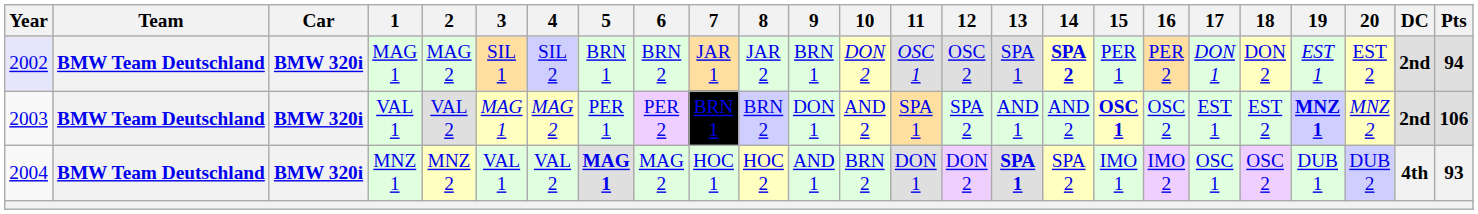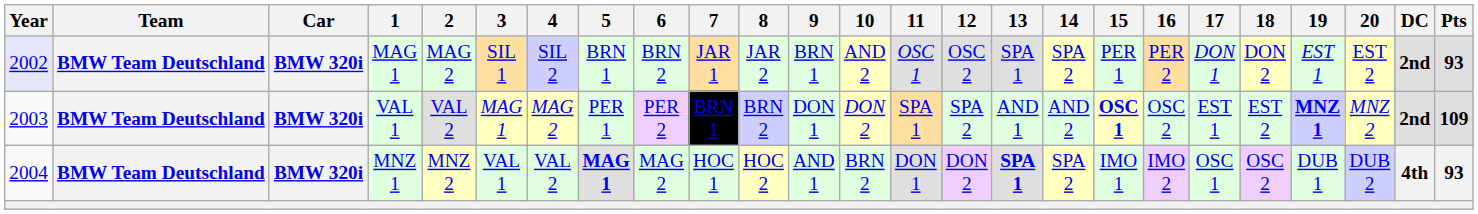 <table class="wikitable" style="text-align:center; font-size:85%">
 <tr>
 <th>Year</th>
 <th>Team</th>
 <th>Car</th>
 <th>1</th>
 <th>2</th>
 <th>3</th>
 <th>4</th>
 <th>5</th>
 <th>6</th>
 <th>7</th>
 <th>8</th>
 <th>9</th>
 <th>10</th>
 <th>11</th>
 <th>12</th>
 <th>13</th>
 <th>14</th>
 <th>15</th>
 <th>16</th>
 <th>17</th>
 <th>18</th>
 <th>19</th>
 <th>20</th>
 <th>DC</th>
 <th>Pts</th>
 </tr>
 <tr>
 <td style="background: lavender;"><a href='#'>2002</a></td>
 <th><a href='#'>BMW Team Deutschland</a></th>
 <th><a href='#'>BMW 320i</a></th>
 <td style="background:#DFFFDF;"><a href='#'>MAG<br>1</a><br></td>
 <td style="background:#DFFFDF;"><a href='#'>MAG<br>2</a><br></td>
 <td style="background:#FFDF9F;"><a href='#'>SIL<br>1</a><br></td>
 <td style="background:#CFCFFF;"><a href='#'>SIL<br>2</a><br></td>
 <td style="background:#DFFFDF;"><a href='#'>BRN<br>1</a><br></td>
 <td style="background:#DFFFDF;"><a href='#'>BRN<br>2</a><br></td>
 <td style="background:#FFDF9F;"><a href='#'>JAR<br>1</a><br></td>
 <td style="background:#DFFFDF;"><a href='#'>JAR<br>2</a><br></td>
 <td style="background:#DFFFDF;"><a href='#'>BRN<br>1</a><br></td>
-<td style="background:#FFFFBF;"><em><a href='#'>DON<br>2</a></em><br></td>
+<td style="background:#FFFFBF;"><a href='#'>AND<br>2</a><br></td>
 <td style="background:#DFDFDF;"><em><a href='#'>OSC<br>1</a></em><br></td>
 <td style="background:#DFDFDF;"><a href='#'>OSC<br>2</a><br></td>
 <td style="background:#DFDFDF;"><a href='#'>SPA<br>1</a><br></td>
-<td style="background:#FFFFBF;"><strong><a href='#'>SPA<br>2</a><br></strong></td>
+<td style="background:#FFFFBF;"><a href='#'>SPA<br>2</a><br></td>
 <td style="background:#DFFFDF;"><a href='#'>PER<br>1</a><br></td>
 <td style="background:#FFDF9F;"><a href='#'>PER<br>2</a><br></td>
 <td style="background:#DFFFDF;"><em><a href='#'>DON<br>1</a></em><br></td>
 <td style="background:#FFFFBF;"><a href='#'>DON<br>2</a><br></td>
 <td style="background:#DFFFDF;"><em><a href='#'>EST<br>1</a></em><br></td>
 <td style="background:#FFFFBF;"><a href='#'>EST<br>2</a><br></td>
 <td style="background:#DFDFDF;"><strong>2nd</strong></td>
-<td style="background:#DFDFDF;"><strong>94</strong></td>
+<td style="background:#DFDFDF;"><strong>93</strong></td>
 </tr>
 <tr>
 <td><a href='#'>2003</a></td>
 <th><a href='#'>BMW Team Deutschland</a></th>
 <th><a href='#'>BMW 320i</a></th>
 <td style="background:#DFFFDF;"><a href='#'>VAL<br>1</a><br></td>
 <td style="background:#DFDFDF;"><a href='#'>VAL<br>2</a><br></td>
 <td style="background:#FFFFBF;"><em><a href='#'>MAG<br>1</a></em><br></td>
 <td style="background:#FFFFBF;"><em><a href='#'>MAG<br>2</a></em><br></td>
 <td style="background:#DFFFDF;"><a href='#'>PER<br>1</a><br></td>
 <td style="background:#EFCFFF;"><a href='#'>PER<br>2</a><br></td>
 <td style="background:#000000; color:white;"><a href='#'><span>BRN<br>1</span></a><br></td>
 <td style="background:#CFCFFF;"><a href='#'>BRN<br>2</a><br></td>
 <td style="background:#DFFFDF;"><a href='#'>DON<br>1</a><br></td>
-<td style="background:#FFFFBF;"><a href='#'>AND<br>2</a><br></td>
+<td style="background:#FFFFBF;"><em><a href='#'>DON<br>2</a></em><br></td>
 <td style="background:#FFDF9F;"><a href='#'>SPA<br>1</a><br></td>
 <td style="background:#DFFFDF;"><a href='#'>SPA<br>2</a><br></td>
 <td style="background:#DFFFDF;"><a href='#'>AND<br>1</a><br></td>
 <td style="background:#DFFFDF;"><a href='#'>AND<br>2</a><br></td>
 <td style="background:#FFFFBF;"><strong><a href='#'>OSC<br>1</a></strong><br></td>
 <td style="background:#DFFFDF;"><a href='#'>OSC<br>2</a><br></td>
 <td style="background:#DFFFDF;"><a href='#'>EST<br>1</a><br></td>
 <td style="background:#DFFFDF;"><a href='#'>EST<br>2</a><br></td>
 <td style="background:#CFCFFF;"><strong><a href='#'>MNZ<br>1</a></strong><br></td>
 <td style="background:#FFFFBF;"><em><a href='#'>MNZ<br>2</a></em><br></td>
 <td style="background:#DFDFDF;"><strong>2nd</strong></td>
-<td style="background:#DFDFDF;"><strong>106</strong></td>
+<td style="background:#DFDFDF;"><strong>109</strong></td>
 </tr>
 <tr>
 <td><a href='#'>2004</a></td>
 <th><a href='#'>BMW Team Deutschland</a></th>
 <th><a href='#'>BMW 320i</a></th>
 <td style="background:#DFFFDF;"><a href='#'>MNZ<br>1</a><br></td>
 <td style="background:#FFFFBF;"><a href='#'>MNZ<br>2</a><br></td>
 <td style="background:#DFFFDF;"><a href='#'>VAL<br>1</a><br></td>
 <td style="background:#DFFFDF;"><a href='#'>VAL<br>2</a><br></td>
 <td style="background:#DFDFDF;"><strong><a href='#'>MAG<br>1</a></strong><br></td>
 <td style="background:#DFFFDF;"><a href='#'>MAG<br>2</a><br></td>
 <td style="background:#DFFFDF;"><a href='#'>HOC<br>1</a><br></td>
 <td style="background:#FFFFBF;"><a href='#'>HOC<br>2</a><br></td>
 <td style="background:#DFFFDF;"><a href='#'>AND<br>1</a><br></td>
 <td style="background:#DFFFDF;"><a href='#'>BRN<br>2</a><br></td>
 <td style="background:#DFDFDF;"><a href='#'>DON<br>1</a><br></td>
 <td style="background:#EFCFFF;"><a href='#'>DON<br>2</a><br></td>
 <td style="background:#DFDFDF;"><strong><a href='#'>SPA<br>1</a></strong><br></td>
 <td style="background:#FFFFBF;"><a href='#'>SPA<br>2</a><br></td>
 <td style="background:#DFFFDF;"><a href='#'>IMO<br>1</a><br></td>
 <td style="background:#EFCFFF;"><a href='#'>IMO<br>2</a><br></td>
 <td style="background:#DFFFDF;"><a href='#'>OSC<br>1</a><br></td>
 <td style="background:#EFCFFF;"><a href='#'>OSC<br>2</a><br></td>
 <td style="background:#DFFFDF;"><a href='#'>DUB<br>1</a><br></td>
 <td style="background:#CFCFFF;"><a href='#'>DUB<br>2</a><br></td>
 <th>4th</th>
 <th>93</th>
 </tr>
 <tr>
 <th colspan="25"></th>
 </tr>
 </table>
